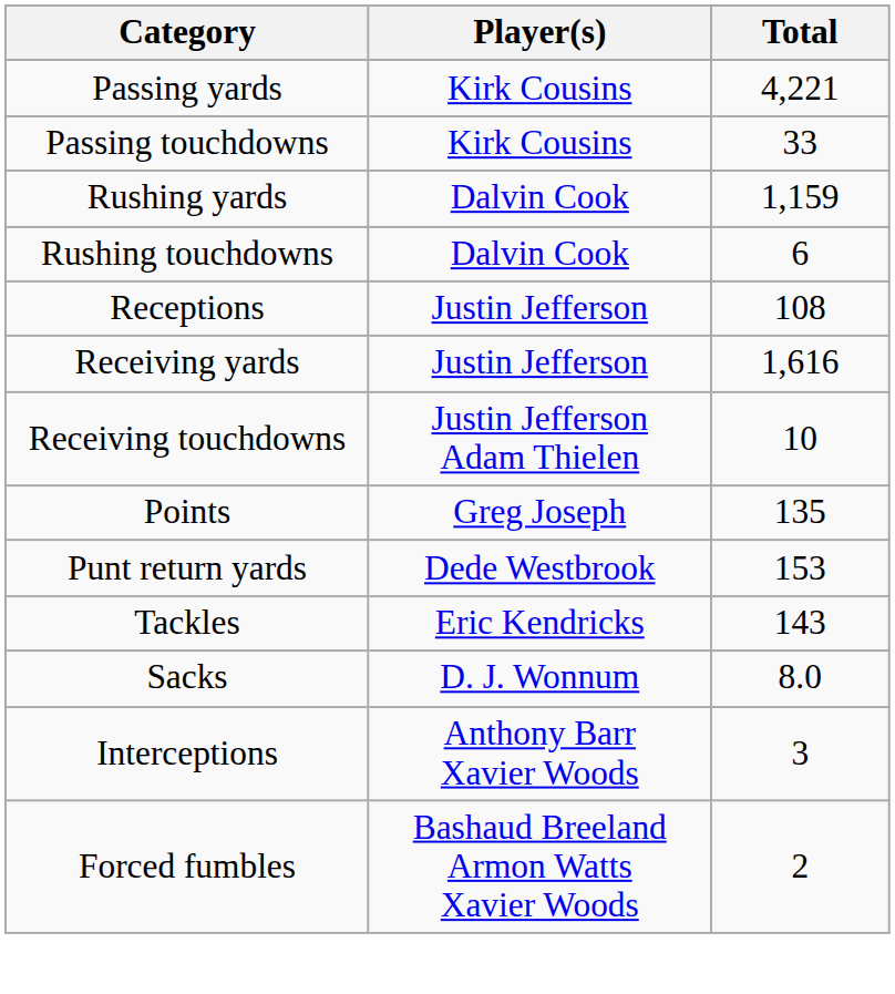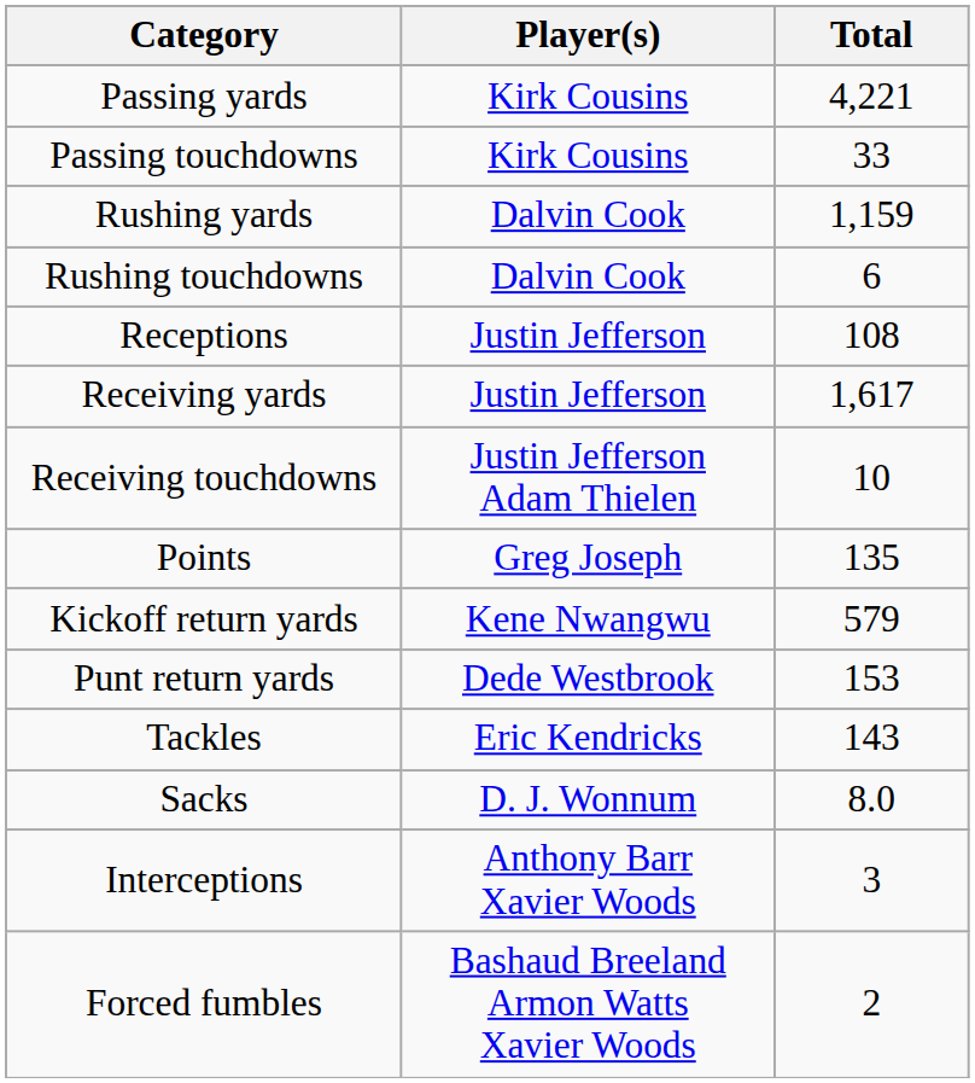 <table class="wikitable" style="text-align:center">
 <tr>
 <th width="160">Category</th>
 <th width="150">Player(s)</th>
 <th width="75">Total</th>
 </tr>
 <tr>
 <td>Passing yards</td>
 <td><a href='#'>Kirk Cousins</a></td>
 <td>4,221</td>
 </tr>
 <tr>
 <td>Passing touchdowns</td>
 <td><a href='#'>Kirk Cousins</a></td>
 <td>33</td>
 </tr>
 <tr>
 <td>Rushing yards</td>
 <td><a href='#'>Dalvin Cook</a></td>
 <td>1,159</td>
 </tr>
 <tr>
 <td>Rushing touchdowns</td>
 <td><a href='#'>Dalvin Cook</a></td>
 <td>6</td>
 </tr>
 <tr>
 <td>Receptions</td>
 <td><a href='#'>Justin Jefferson</a></td>
 <td>108</td>
 </tr>
 <tr>
 <td>Receiving yards</td>
 <td><a href='#'>Justin Jefferson</a></td>
-<td>1,616</td>
+<td>1,617</td>
 </tr>
 <tr>
 <td>Receiving touchdowns</td>
 <td><a href='#'>Justin Jefferson</a><br><a href='#'>Adam Thielen</a></td>
 <td>10</td>
 </tr>
 <tr>
 <td>Points</td>
 <td><a href='#'>Greg Joseph</a></td>
 <td>135</td>
+</tr>
+<tr>
+<td>Kickoff return yards</td>
+<td><a href='#'>Kene Nwangwu</a></td>
+<td>579</td>
 </tr>
 <tr>
 <td>Punt return yards</td>
 <td><a href='#'>Dede Westbrook</a></td>
 <td>153</td>
 </tr>
 <tr>
 <td>Tackles</td>
 <td><a href='#'>Eric Kendricks</a></td>
 <td>143</td>
 </tr>
 <tr>
 <td>Sacks</td>
 <td><a href='#'>D. J. Wonnum</a></td>
 <td>8.0</td>
 </tr>
 <tr>
 <td>Interceptions</td>
 <td><a href='#'>Anthony Barr</a><br><a href='#'>Xavier Woods</a></td>
 <td>3</td>
 </tr>
 <tr>
 <td>Forced fumbles</td>
 <td><a href='#'>Bashaud Breeland</a><br><a href='#'>Armon Watts</a><br><a href='#'>Xavier Woods</a></td>
 <td>2</td>
 </tr>
 </table>
